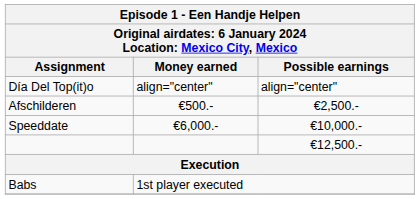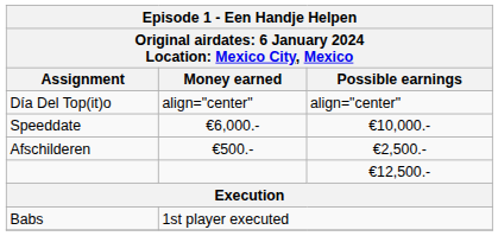 <table class="wikitable" style="font-size: 95%; margin: 10px" align="right" width="40%">
 <tr>
 <th colspan=3>Episode 1 - Een Handje Helpen</th>
 </tr>
 <tr>
 <th colspan=3>Original airdates: 6 January 2024<br>Location: <a href='#'>Mexico City</a>, <a href='#'>Mexico</a></th>
 </tr>
 <tr>
 <th>Assignment</th>
 <th>Money earned</th>
 <th>Possible earnings</th>
 </tr>
 <tr>
 <td>Día Del Top(it)o</td>
 <td>align="center" </td>
 <td>align="center" </td>
 </tr>
 <tr>
+<td>Speeddate</td>
+<td align="center">€6,000.-</td>
+<td align="center">€10,000.- </td>
+</tr>
+<tr>
 <td>Afschilderen</td>
 <td align="center">€500.-</td>
 <td align="center">€2,500.-</td>
-</tr>
-<tr>
-<td>Speeddate</td>
-<td align="center">€6,000.-</td>
-<td align="center">€10,000.- </td>
 </tr>
 <tr>
 <td><strong></strong></td>
 <td align="center"><strong></strong></td>
 <td align="center">€12,500.-</td>
 </tr>
 <tr>
 <th colspan=3>Execution</th>
 </tr>
 <tr>
 <td>Babs</td>
 <td colspan=2>1st player executed</td>
 </tr>
 <tr>
 </tr>
 </table>
